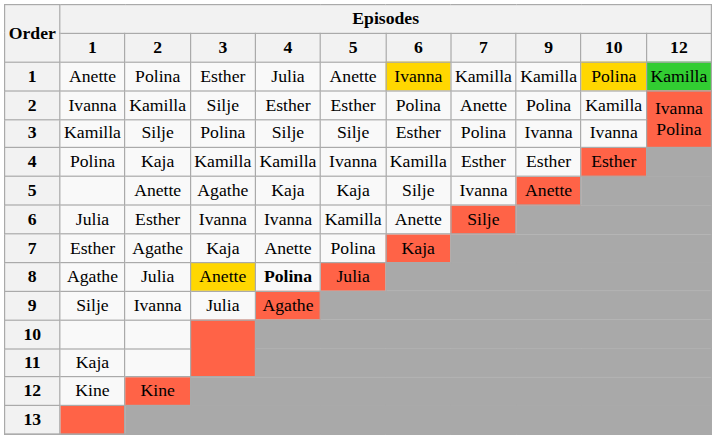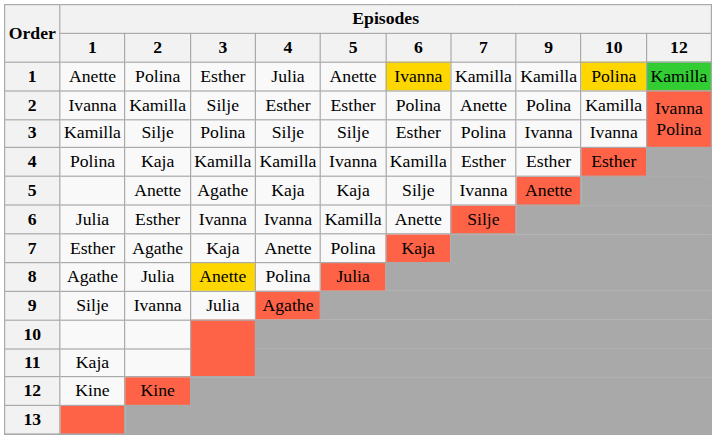 <table class="wikitable" style="text-align:center; font-size:92%">
 <tr>
 <th rowspan="2">Order</th>
 <th colspan="10">Episodes</th>
 </tr>
 <tr>
 <th>1</th>
 <th>2</th>
 <th>3</th>
 <th>4</th>
 <th>5</th>
 <th>6</th>
 <th>7</th>
 <th>9</th>
 <th>10</th>
 <th>12</th>
 </tr>
 <tr>
 <th>1</th>
 <td>Anette</td>
 <td>Polina</td>
 <td>Esther</td>
 <td>Julia</td>
 <td>Anette</td>
 <td style="background:gold;">Ivanna</td>
 <td>Kamilla</td>
 <td>Kamilla</td>
 <td style="background:gold;">Polina</td>
 <td style="background:limegreen;">Kamilla</td>
 </tr>
 <tr>
 <th>2</th>
 <td>Ivanna</td>
 <td>Kamilla</td>
 <td>Silje</td>
 <td>Esther</td>
 <td>Esther</td>
 <td>Polina</td>
 <td>Anette</td>
 <td>Polina</td>
 <td>Kamilla</td>
 <td style="background:tomato;" rowspan="2">Ivanna<br>Polina</td>
 </tr>
 <tr>
 <th>3</th>
 <td>Kamilla</td>
 <td>Silje</td>
 <td>Polina</td>
 <td>Silje</td>
 <td>Silje</td>
 <td>Esther</td>
 <td>Polina</td>
 <td>Ivanna</td>
 <td>Ivanna</td>
 </tr>
 <tr>
 <th>4</th>
 <td>Polina</td>
 <td>Kaja</td>
 <td>Kamilla</td>
 <td>Kamilla</td>
 <td>Ivanna</td>
 <td>Kamilla</td>
 <td>Esther</td>
 <td>Esther</td>
 <td style="background:tomato;">Esther</td>
 <td style="background:darkgray"></td>
 </tr>
 <tr>
 <th>5</th>
 <td></td>
 <td>Anette</td>
 <td>Agathe</td>
 <td>Kaja</td>
 <td>Kaja</td>
 <td>Silje</td>
 <td>Ivanna</td>
 <td style="background:tomato;">Anette</td>
 <td style="background:darkgray" colspan="3"></td>
 </tr>
 <tr>
 <th>6</th>
 <td>Julia</td>
 <td>Esther</td>
 <td>Ivanna</td>
 <td>Ivanna</td>
 <td>Kamilla</td>
 <td>Anette</td>
 <td style="background:tomato;">Silje</td>
 <td style="background:darkgray" colspan="5"></td>
 </tr>
 <tr>
 <th>7</th>
 <td>Esther</td>
 <td>Agathe</td>
 <td>Kaja</td>
 <td>Anette</td>
 <td>Polina</td>
 <td style="background:tomato;">Kaja</td>
 <td style="background:darkgray" colspan="6"></td>
 </tr>
 <tr>
 <th>8</th>
 <td>Agathe</td>
 <td>Julia</td>
 <td style="background: gold;">Anette</td>
-<td><strong>Polina</strong></td>
+<td>Polina</td>
 <td style="background:tomato;">Julia</td>
 <td style="background:darkgray" colspan="7"></td>
 </tr>
 <tr>
 <th>9</th>
 <td>Silje</td>
 <td>Ivanna</td>
 <td>Julia</td>
 <td style="background:tomato;">Agathe</td>
 <td style="background:darkgray" colspan="8"></td>
 </tr>
 <tr>
 <th>10</th>
 <td></td>
 <td></td>
 <td style="background:tomato;" rowspan="2"><br></td>
 <td style="background:darkgray" colspan="9"></td>
 </tr>
 <tr>
 <th>11</th>
 <td>Kaja</td>
 <td></td>
 <td style="background:darkgray" colspan="9"></td>
 </tr>
 <tr>
 <th>12</th>
 <td>Kine</td>
 <td style="background:tomato;">Kine</td>
 <td style="background:darkgray" colspan="10"></td>
 </tr>
 <tr>
 <th>13</th>
 <td style="background:tomato;"></td>
 <td style="background:darkgray" colspan="11"></td>
 </tr>
 <tr>
 </tr>
 </table>
